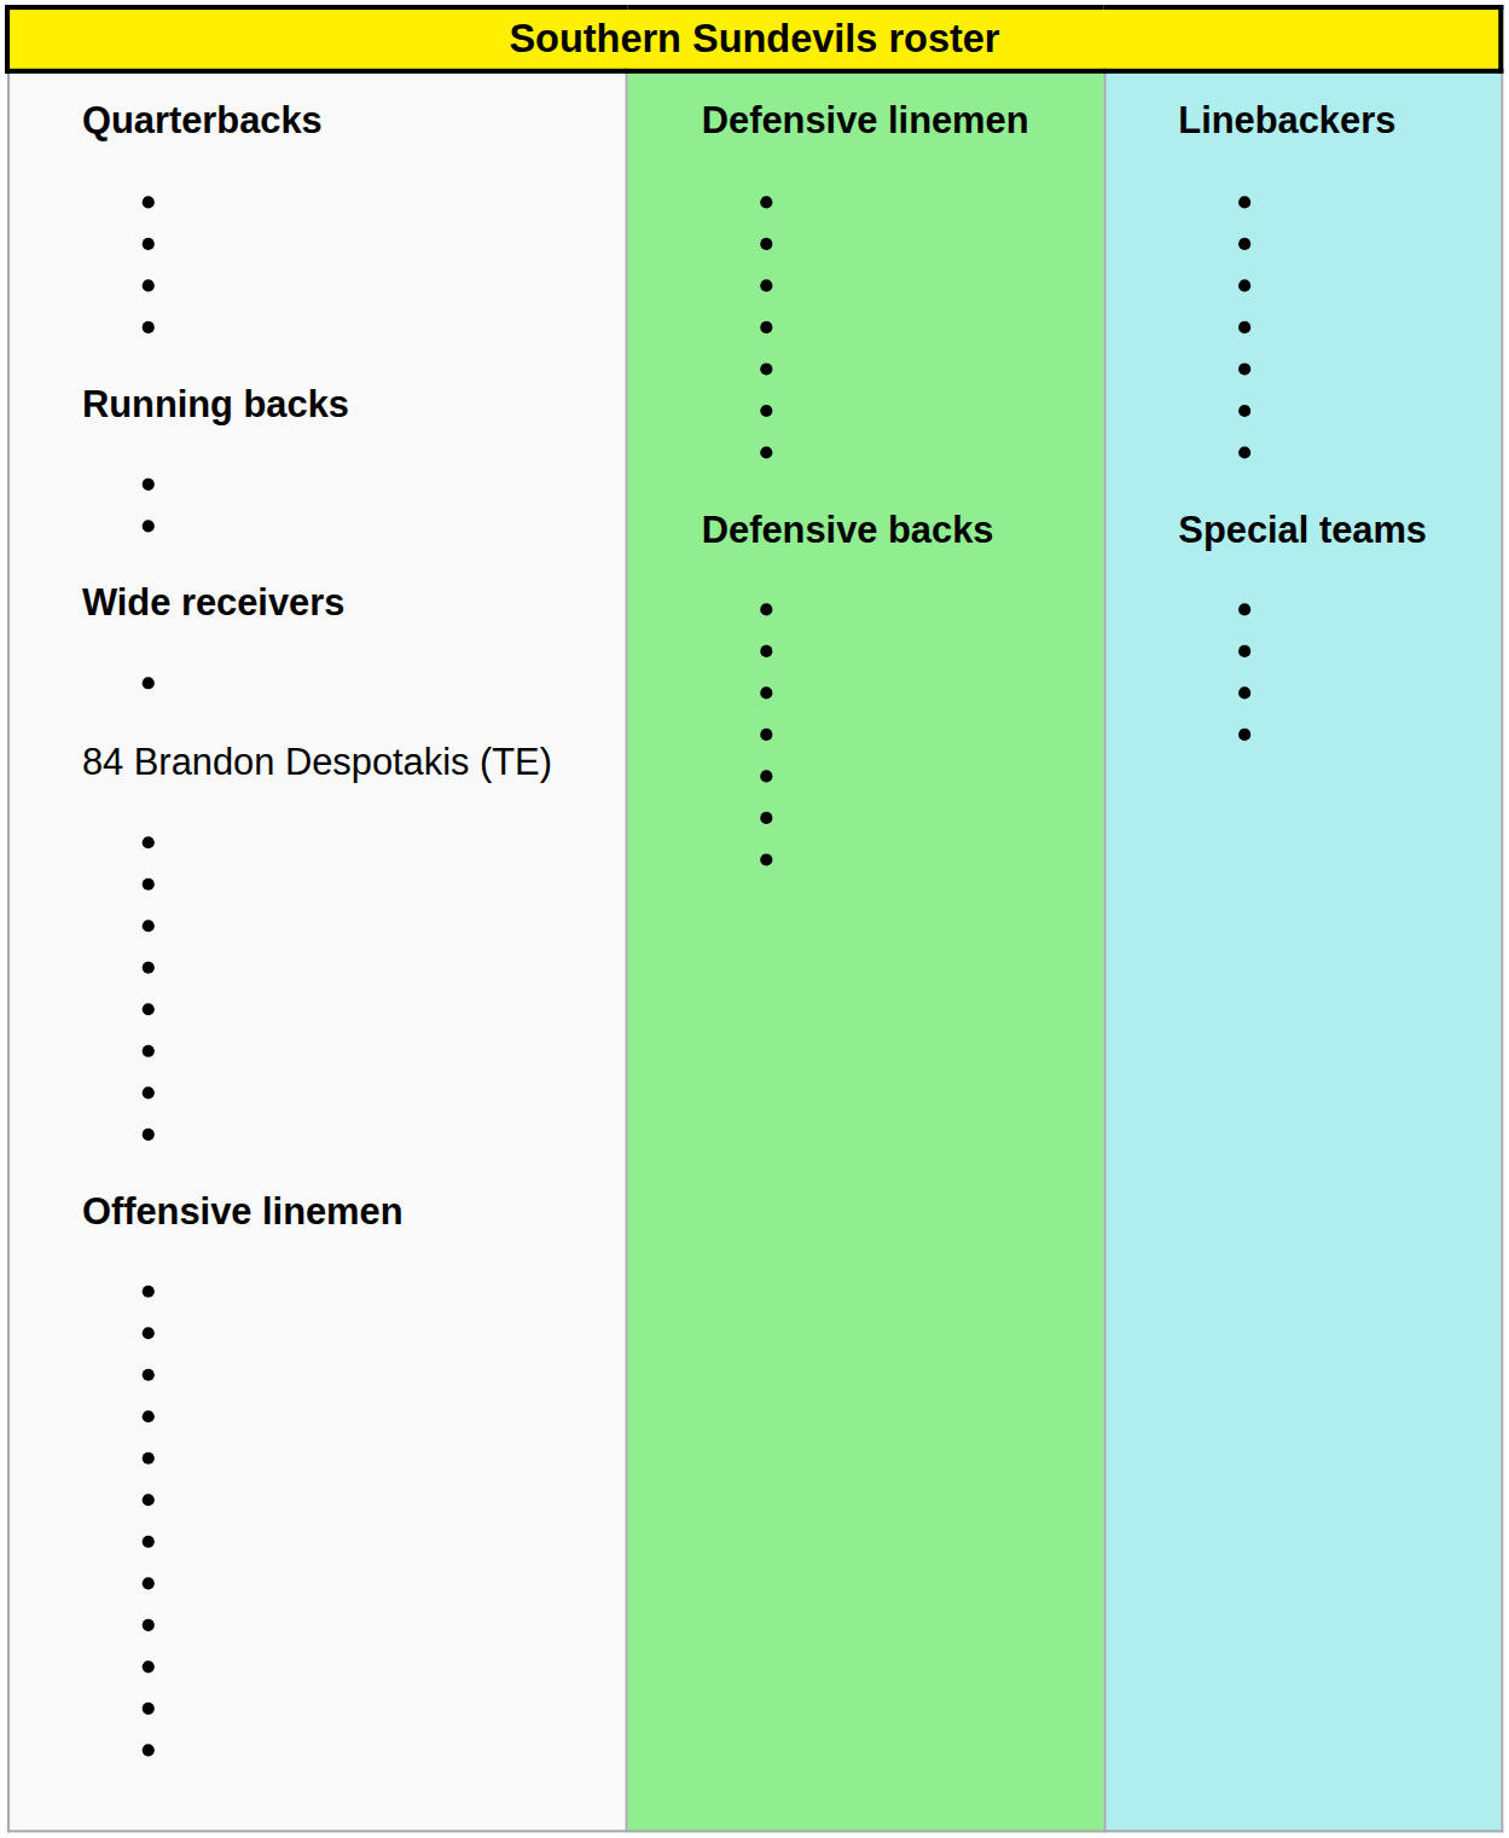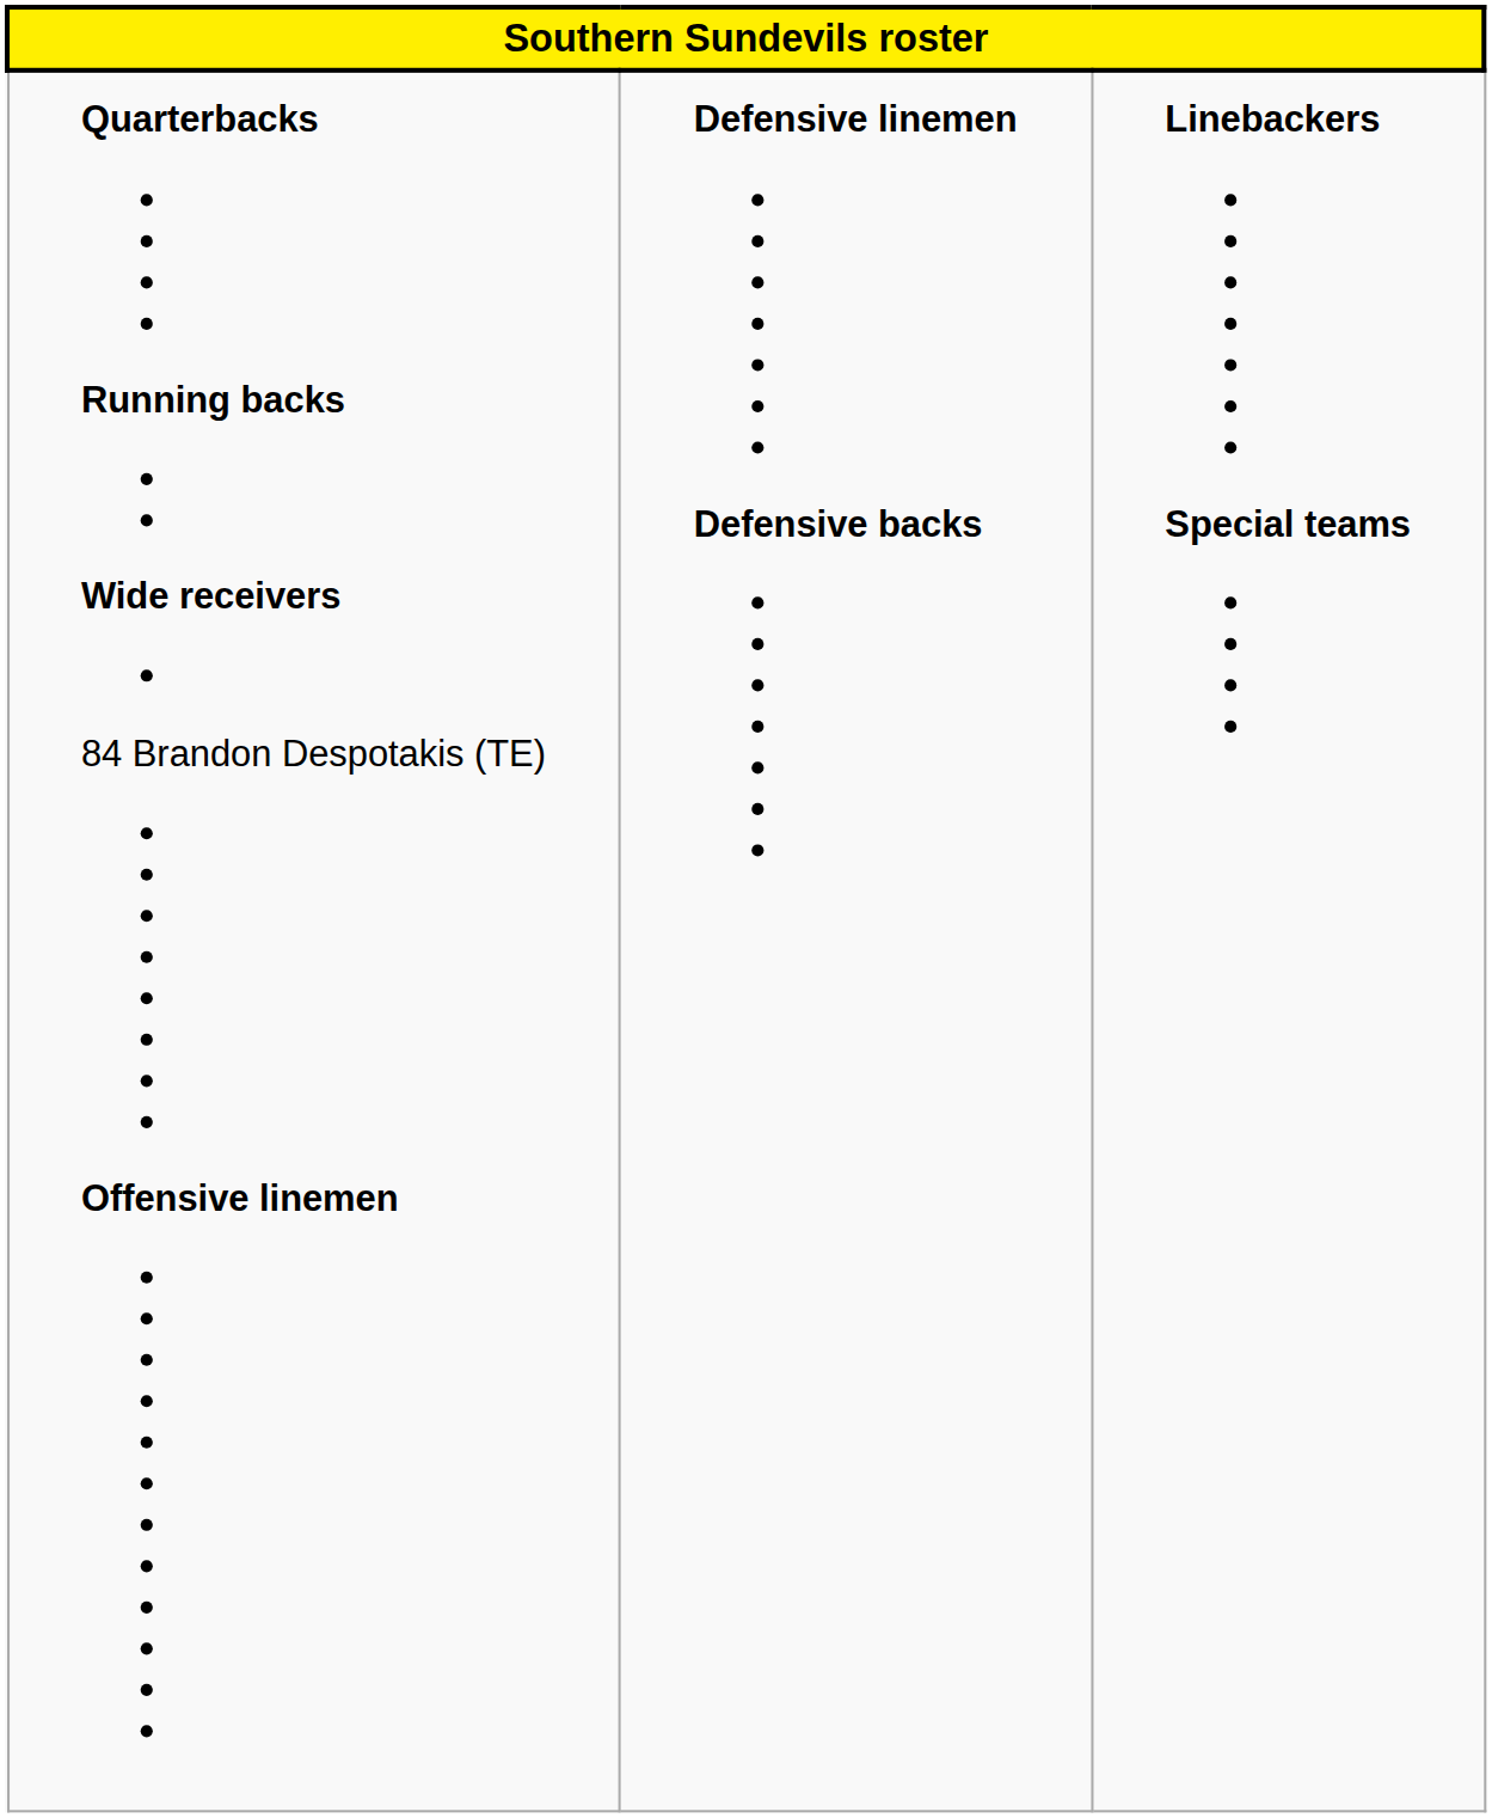 <table class="wikitable" style="border: solid black 1px;">
 <tr>
 <th colspan=7 style="background-color: #FFEF00; text-align: center; border: solid black 2px; color:black;">Southern Sundevils roster</th>
 </tr>
 <tr>
 <td style="font-size: 95%; padding: 10px 30px;" valign="top"><strong>Quarterbacks</strong><br><ul><li></li><li></li><li></li><li></li></ul><strong>Running backs</strong><ul><li></li><li></li></ul><strong>Wide receivers</strong><ul><li></li></ul>84 Brandon Despotakis (TE)<ul><li></li><li></li><li></li><li></li><li></li><li></li><li></li><li></li></ul><strong>Offensive linemen</strong><ul><li></li><li></li><li></li><li></li><li></li><li></li><li></li><li></li><li></li><li></li><li></li><li></li></ul></td>
-<td style="background: lightgreen; font-size: 95%; padding: 10px 30px;" valign="top"><strong>Defensive linemen</strong><br><ul><li></li><li></li><li></li><li></li><li></li><li></li><li></li></ul><strong>Defensive backs</strong><ul><li></li><li></li><li></li><li></li><li></li><li></li><li></li></ul></td>
-<td style="background: paleturquoise; font-size: 95%; padding: 10px 30px;" valign="top"><strong>Linebackers</strong><br><ul><li></li><li></li><li></li><li></li><li></li><li></li><li></li></ul><strong>Special teams</strong><ul><li></li><li></li><li></li><li></li></ul></td>
+<td style="font-size: 95%; padding: 10px 30px;" valign="top"><strong>Defensive linemen</strong><br><ul><li></li><li></li><li></li><li></li><li></li><li></li><li></li></ul><strong>Defensive backs</strong><ul><li></li><li></li><li></li><li></li><li></li><li></li><li></li></ul></td>
+<td style="font-size: 95%; padding: 10px 30px;" valign="top"><strong>Linebackers</strong><br><ul><li></li><li></li><li></li><li></li><li></li><li></li><li></li></ul><strong>Special teams</strong><ul><li></li><li></li><li></li><li></li></ul></td>
 </tr>
 </table>
